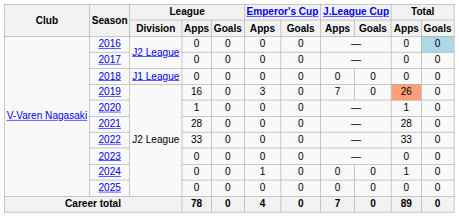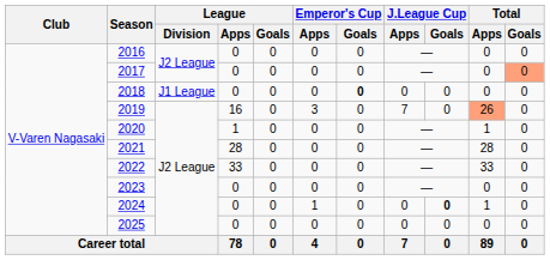 <table class="wikitable" style="text-align: center;">
 <tr>
 <th rowspan="2">Club</th>
 <th rowspan="2">Season</th>
 <th colspan="3">League</th>
 <th colspan="2"><a href='#'>Emperor's Cup</a></th>
 <th colspan="2"><a href='#'>J.League Cup</a></th>
 <th colspan="2">Total</th>
 </tr>
 <tr>
 <th>Division</th>
 <th>Apps</th>
 <th>Goals</th>
 <th>Apps</th>
 <th>Goals</th>
 <th>Apps</th>
 <th>Goals</th>
 <th>Apps</th>
 <th>Goals</th>
 </tr>
 <tr>
 <td rowspan="10"><a href='#'>V-Varen Nagasaki</a></td>
 <td><a href='#'>2016</a></td>
 <td rowspan="2"><a href='#'>J2 League</a></td>
 <td>0</td>
 <td>0</td>
 <td>0</td>
 <td>0</td>
 <td colspan="2">—</td>
 <td>0</td>
-<td style="background: lightblue;">0</td>
+<td>0</td>
 </tr>
 <tr>
 <td><a href='#'>2017</a></td>
 <td>0</td>
 <td>0</td>
 <td>0</td>
 <td>0</td>
 <td colspan="2">—</td>
 <td>0</td>
-<td>0</td>
+<td style="background: lightsalmon;">0</td>
 </tr>
 <tr>
 <td><a href='#'>2018</a></td>
 <td><a href='#'>J1 League</a></td>
 <td>0</td>
 <td>0</td>
 <td>0</td>
-<td>0</td>
+<td><strong>0</strong></td>
 <td>0</td>
 <td>0</td>
 <td>0</td>
 <td>0</td>
 </tr>
 <tr>
 <td><a href='#'>2019</a></td>
 <td rowspan="7">J2 League</td>
 <td>16</td>
 <td>0</td>
 <td>3</td>
 <td>0</td>
 <td>7</td>
 <td>0</td>
 <td style="background: lightsalmon;">26</td>
 <td>0</td>
 </tr>
 <tr>
 <td><a href='#'>2020</a></td>
 <td>1</td>
 <td>0</td>
 <td>0</td>
 <td>0</td>
 <td colspan="2">—</td>
 <td>1</td>
 <td>0</td>
 </tr>
 <tr>
 <td><a href='#'>2021</a></td>
 <td>28</td>
 <td>0</td>
 <td>0</td>
 <td>0</td>
 <td colspan="2">—</td>
 <td>28</td>
 <td>0</td>
 </tr>
 <tr>
 <td><a href='#'>2022</a></td>
 <td>33</td>
 <td>0</td>
 <td>0</td>
 <td>0</td>
 <td colspan="2">—</td>
 <td>33</td>
 <td>0</td>
 </tr>
 <tr>
 <td><a href='#'>2023</a></td>
 <td>0</td>
 <td>0</td>
 <td>0</td>
 <td>0</td>
 <td colspan="2">—</td>
 <td>0</td>
 <td>0</td>
 </tr>
 <tr>
 <td><a href='#'>2024</a></td>
 <td>0</td>
 <td>0</td>
 <td>1</td>
 <td>0</td>
 <td>0</td>
-<td>0</td>
+<td><strong>0</strong></td>
 <td>1</td>
 <td>0</td>
 </tr>
 <tr>
 <td><a href='#'>2025</a></td>
 <td>0</td>
 <td>0</td>
 <td>0</td>
 <td>0</td>
 <td>0</td>
 <td>0</td>
 <td>0</td>
 <td>0</td>
 </tr>
 <tr>
 <th colspan="3">Career total</th>
 <th>78</th>
 <th>0</th>
 <th>4</th>
 <th>0</th>
 <th>7</th>
 <th>0</th>
 <th>89</th>
 <th>0</th>
 </tr>
 </table>
